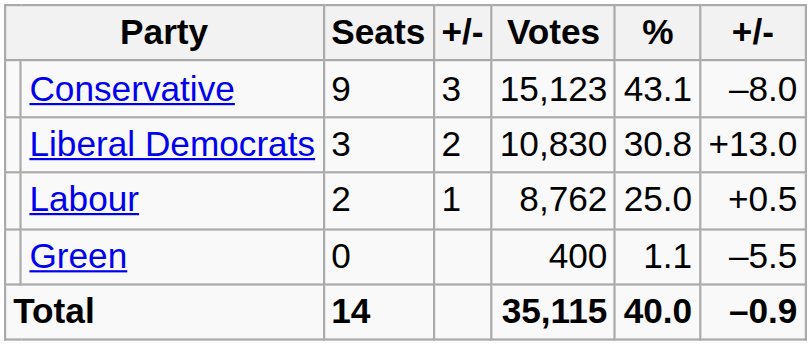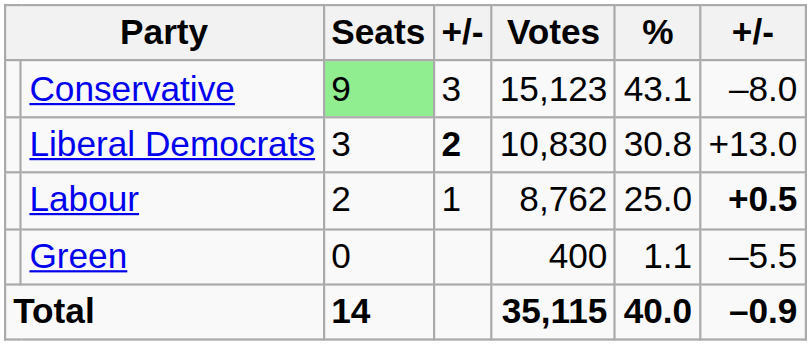 <table class="wikitable sortable">
 <tr>
 <th colspan="2">Party</th>
 <th>Seats</th>
 <th>+/-</th>
 <th>Votes</th>
 <th>%</th>
 <th>+/-</th>
 </tr>
 <tr>
 <td style="background-color: "></td>
 <td><a href='#'>Conservative</a></td>
-<td>9</td>
+<td style="background: lightgreen;">9</td>
 <td> 3</td>
 <td style="text-align:right;">15,123</td>
 <td style="text-align:right;">43.1</td>
 <td style="text-align:right;">–8.0</td>
 </tr>
 <tr>
 <td style="background-color: "></td>
 <td><a href='#'>Liberal Democrats</a></td>
 <td>3</td>
-<td> 2</td>
+<td><strong> 2</strong></td>
 <td style="text-align:right;">10,830</td>
 <td style="text-align:right;">30.8</td>
 <td style="text-align:right;">+13.0</td>
 </tr>
 <tr>
 <td style="background-color: "></td>
 <td><a href='#'>Labour</a></td>
 <td>2</td>
 <td> 1</td>
 <td style="text-align:right;">8,762</td>
 <td style="text-align:right;">25.0</td>
-<td style="text-align:right;">+0.5</td>
+<td style="text-align:right;"><strong>+0.5</strong></td>
 </tr>
 <tr>
 <td style="background-color: "></td>
 <td><a href='#'>Green</a></td>
 <td>0</td>
 <td></td>
 <td style="text-align:right;">400</td>
 <td style="text-align:right;">1.1</td>
 <td style="text-align:right;">–5.5</td>
 </tr>
 <tr>
 <td colspan="2"><strong>Total</strong></td>
 <td><strong>14</strong></td>
 <td></td>
 <td style="text-align:right;"><strong>35,115</strong></td>
 <td style="text-align:right;"><strong>40.0</strong></td>
 <td style="text-align:right;"><strong>–0.9</strong></td>
 </tr>
 </table>
